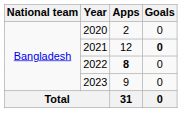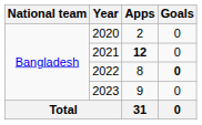 <table class=wikitable style=text-align:center>
 <tr>
 <th>National team</th>
 <th>Year</th>
 <th>Apps</th>
 <th>Goals</th>
 </tr>
 <tr>
 <td rowspan=4><a href='#'>Bangladesh</a></td>
 <td>2020</td>
 <td>2</td>
 <td>0</td>
 </tr>
 <tr>
 <td>2021</td>
-<td>12</td>
-<td><strong>0</strong></td>
+<td><strong>12</strong></td>
+<td>0</td>
 </tr>
 <tr>
 <td>2022</td>
-<td><strong>8</strong></td>
-<td>0</td>
+<td>8</td>
+<td><strong>0</strong></td>
 </tr>
 <tr>
 <td>2023</td>
 <td>9</td>
 <td>0</td>
 </tr>
 <tr>
 <th colspan=2>Total</th>
 <th>31</th>
 <th>0</th>
 </tr>
 </table>
